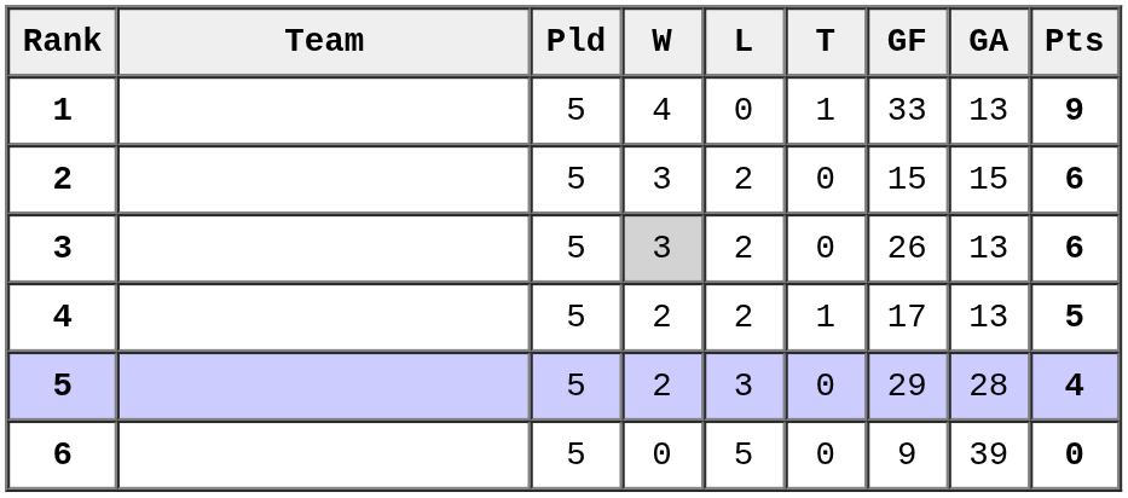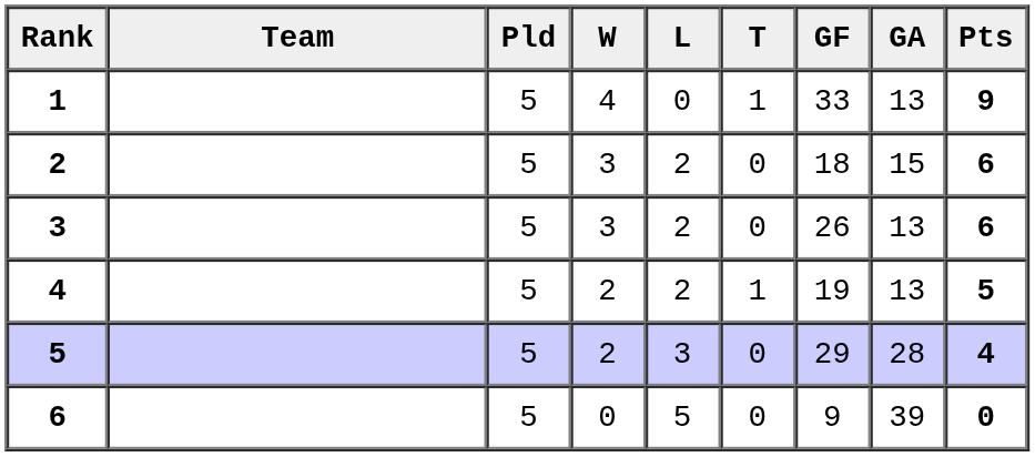 <table border=1 cellpadding=5 cellspacing=0>
 <tr>
 <th bgcolor="#efefef" width="20">Rank</th>
 <th bgcolor="#efefef" width="150">Team</th>
 <th bgcolor="#efefef" width="20">Pld</th>
 <th bgcolor="#efefef" width="20">W</th>
 <th bgcolor="#efefef" width="20">L</th>
 <th bgcolor="#efefef" width="20">T</th>
 <th bgcolor="#efefef" width="20">GF</th>
 <th bgcolor="#efefef" width="20">GA</th>
 <th bgcolor="#efefef" width="20">Pts</th>
 </tr>
 <tr align=center>
 <td><strong>1</strong></td>
 <td align=left></td>
 <td>5</td>
 <td>4</td>
 <td>0</td>
 <td>1</td>
 <td>33</td>
 <td>13</td>
 <td><strong>9</strong></td>
 </tr>
 <tr align=center>
 <td><strong>2</strong></td>
 <td align=left></td>
 <td>5</td>
 <td>3</td>
 <td>2</td>
 <td>0</td>
-<td>15</td>
+<td>18</td>
 <td>15</td>
 <td><strong>6</strong></td>
 </tr>
 <tr align=center>
 <td><strong>3</strong></td>
 <td align=left></td>
 <td>5</td>
-<td style="background: lightgrey;">3</td>
+<td>3</td>
 <td>2</td>
 <td>0</td>
 <td>26</td>
 <td>13</td>
 <td><strong>6</strong></td>
 </tr>
 <tr align=center>
 <td><strong>4</strong></td>
 <td align=left></td>
 <td>5</td>
 <td>2</td>
 <td>2</td>
 <td>1</td>
-<td>17</td>
+<td>19</td>
 <td>13</td>
 <td><strong>5</strong></td>
 </tr>
 <tr align=center bgcolor="ccccff">
 <td><strong>5</strong></td>
 <td align=left></td>
 <td>5</td>
 <td>2</td>
 <td>3</td>
 <td>0</td>
 <td>29</td>
 <td>28</td>
 <td><strong>4</strong></td>
 </tr>
 <tr align=center>
 <td><strong>6</strong></td>
 <td align=left></td>
 <td>5</td>
 <td>0</td>
 <td>5</td>
 <td>0</td>
 <td>9</td>
 <td>39</td>
 <td><strong>0</strong></td>
 </tr>
 </table>
